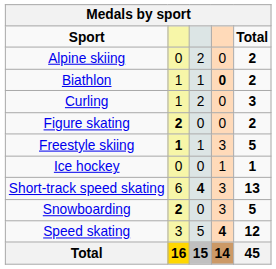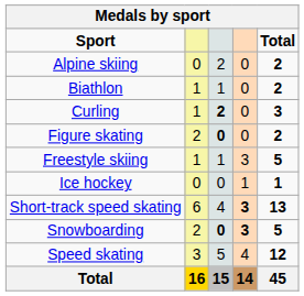 <table class="wikitable" style=font-size:85%;float:right;text-align:center>
 <tr style="background:#efefef;">
 <th colspan=5><strong>Medals by sport</strong></th>
 </tr>
 <tr align=center>
 <td><strong>Sport</strong></td>
 <td bgcolor=#f7f6a8></td>
 <td bgcolor=#dce5e5></td>
 <td bgcolor=#ffdab9></td>
 <td><strong>Total</strong></td>
 </tr>
 <tr>
 <td><a href='#'>Alpine skiing</a></td>
 <td bgcolor=F7F6A8>0</td>
 <td bgcolor=DCE5E5>2</td>
 <td bgcolor=FFDAB9>0</td>
 <td><strong>2</strong></td>
 </tr>
 <tr>
 <td><a href='#'>Biathlon</a></td>
 <td bgcolor=F7F6A8>1</td>
 <td bgcolor=DCE5E5>1</td>
-<td bgcolor=FFDAB9><strong>0</strong></td>
+<td bgcolor=FFDAB9>0</td>
 <td><strong>2</strong></td>
 </tr>
 <tr>
 <td><a href='#'>Curling</a></td>
 <td bgcolor=F7F6A8>1</td>
-<td bgcolor=DCE5E5>2</td>
+<td bgcolor=DCE5E5><strong>2</strong></td>
 <td bgcolor=FFDAB9>0</td>
 <td><strong>3</strong></td>
 </tr>
 <tr>
 <td><a href='#'>Figure skating</a></td>
-<td bgcolor=F7F6A8><strong>2</strong></td>
-<td bgcolor=DCE5E5>0</td>
+<td bgcolor=F7F6A8>2</td>
+<td bgcolor=DCE5E5><strong>0</strong></td>
 <td bgcolor=FFDAB9>0</td>
 <td><strong>2</strong></td>
 </tr>
 <tr>
 <td><a href='#'>Freestyle skiing</a></td>
-<td bgcolor=F7F6A8><strong>1</strong></td>
+<td bgcolor=F7F6A8>1</td>
 <td bgcolor=DCE5E5>1</td>
 <td bgcolor=FFDAB9>3</td>
 <td><strong>5</strong></td>
 </tr>
 <tr>
 <td><a href='#'>Ice hockey</a></td>
 <td bgcolor=F7F6A8>0</td>
 <td bgcolor=DCE5E5>0</td>
 <td bgcolor=FFDAB9>1</td>
 <td><strong>1</strong></td>
 </tr>
 <tr>
 <td><a href='#'>Short-track speed skating</a></td>
 <td bgcolor=F7F6A8>6</td>
-<td bgcolor=DCE5E5><strong>4</strong></td>
-<td bgcolor=FFDAB9>3</td>
+<td bgcolor=DCE5E5>4</td>
+<td bgcolor=FFDAB9><strong>3</strong></td>
 <td><strong>13</strong></td>
 </tr>
 <tr>
 <td><a href='#'>Snowboarding</a></td>
-<td bgcolor=F7F6A8><strong>2</strong></td>
-<td bgcolor=DCE5E5>0</td>
-<td bgcolor=FFDAB9>3</td>
+<td bgcolor=F7F6A8>2</td>
+<td bgcolor=DCE5E5><strong>0</strong></td>
+<td bgcolor=FFDAB9><strong>3</strong></td>
 <td><strong>5</strong></td>
 </tr>
 <tr>
 <td><a href='#'>Speed skating</a></td>
 <td bgcolor=F7F6A8>3</td>
 <td bgcolor=DCE5E5>5</td>
-<td bgcolor=FFDAB9><strong>4</strong></td>
+<td bgcolor=FFDAB9>4</td>
 <td><strong>12</strong></td>
 </tr>
 <tr>
 <th><strong>Total</strong></th>
 <th style=background:gold><strong>16</strong></th>
 <th style=background:silver><strong>15</strong></th>
 <th style=background:#c96><strong>14</strong></th>
 <th><strong>45</strong></th>
 </tr>
 </table>
